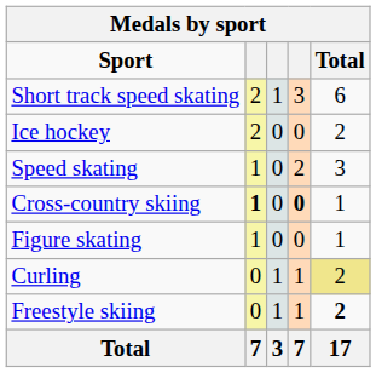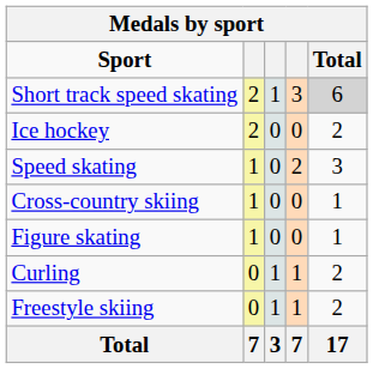 <table class="wikitable"  style="float:right">
 <tr>
 <th colspan=5>Medals by sport</th>
 </tr>
 <tr align=center>
 <td><strong>Sport</strong></td>
 <th bgcolor=#f7f6a8></th>
 <th bgcolor=#dce5e5></th>
 <th bgcolor=#ffdab9></th>
 <th>Total</th>
 </tr>
 <tr align=center>
 <td align=left><a href='#'>Short track speed skating</a></td>
 <td bgcolor=#f7f6a8>2</td>
 <td bgcolor=#dce5e5>1</td>
 <td bgcolor=#ffdab9>3</td>
-<td>6</td>
+<td style="background: lightgrey;">6</td>
 </tr>
 <tr align=center>
 <td align=left><a href='#'>Ice hockey</a></td>
 <td bgcolor=#f7f6a8>2</td>
 <td bgcolor=#dce5e5>0</td>
 <td bgcolor=#ffdab9>0</td>
 <td>2</td>
 </tr>
 <tr align=center>
 <td align=left><a href='#'>Speed skating</a></td>
 <td bgcolor=#f7f6a8>1</td>
 <td bgcolor=#dce5e5>0</td>
 <td bgcolor=#ffdab9>2</td>
 <td>3</td>
 </tr>
 <tr align=center>
 <td align=left><a href='#'>Cross-country skiing</a></td>
-<td bgcolor=#f7f6a8><strong>1</strong></td>
+<td bgcolor=#f7f6a8>1</td>
 <td bgcolor=#dce5e5>0</td>
-<td bgcolor=#ffdab9><strong>0</strong></td>
+<td bgcolor=#ffdab9>0</td>
 <td>1</td>
 </tr>
 <tr align=center>
 <td align=left><a href='#'>Figure skating</a></td>
 <td bgcolor=#f7f6a8>1</td>
 <td bgcolor=#dce5e5>0</td>
 <td bgcolor=#ffdab9>0</td>
 <td>1</td>
 </tr>
 <tr align=center>
 <td align=left><a href='#'>Curling</a></td>
 <td bgcolor=#f7f6a8>0</td>
 <td bgcolor=#dce5e5>1</td>
 <td bgcolor=#ffdab9>1</td>
-<td style="background: khaki;">2</td>
+<td>2</td>
 </tr>
 <tr align=center>
 <td align=left><a href='#'>Freestyle skiing</a></td>
 <td bgcolor=#f7f6a8>0</td>
 <td bgcolor=#dce5e5>1</td>
 <td bgcolor=#ffdab9>1</td>
-<td><strong>2</strong></td>
+<td>2</td>
 </tr>
 <tr align=center>
 <th bgcolor=#efefef>Total</th>
 <th bgcolor=#f7f6a8>7</th>
 <th bgcolor=#dce5e5>3</th>
 <th bgcolor=#ffdab9>7</th>
 <th>17</th>
 </tr>
 </table>
